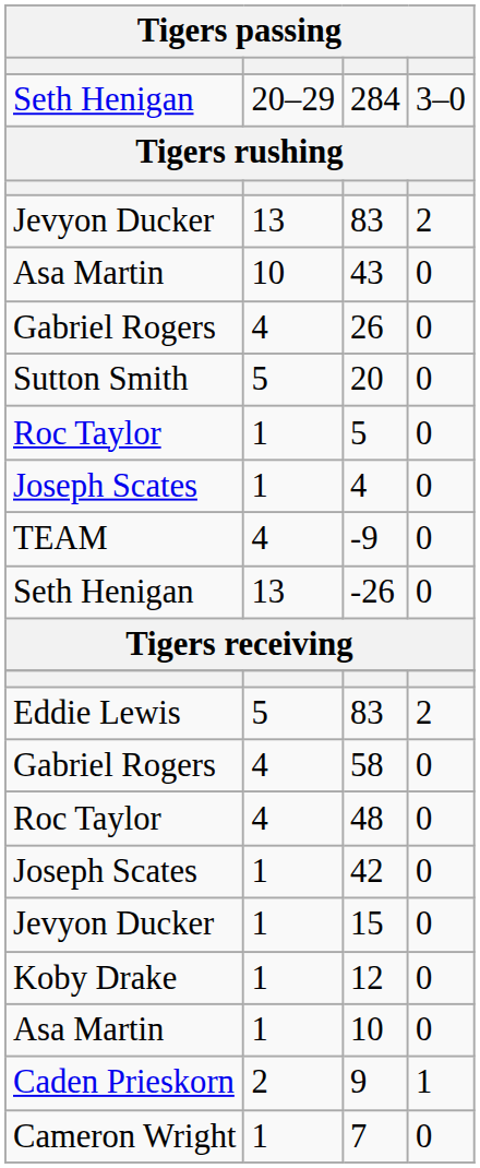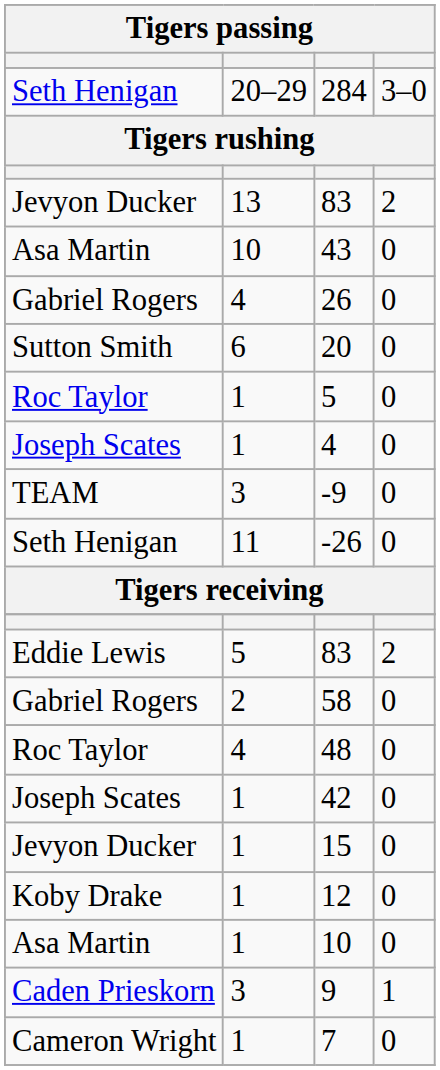 <table class="wikitable plainrowheaders">
 <tr>
 <th colspan="6">Tigers passing</th>
 </tr>
 <tr>
 <th scope="col"></th>
 <th scope="col"></th>
 <th scope="col"></th>
 <th scope="col"></th>
 </tr>
 <tr>
 <td><a href='#'>Seth Henigan</a></td>
 <td>20–29</td>
 <td>284</td>
 <td>3–0</td>
 </tr>
 <tr>
 <th colspan="6">Tigers rushing</th>
 </tr>
 <tr>
 <th scope="col"></th>
 <th scope="col"></th>
 <th scope="col"></th>
 <th scope="col"></th>
 </tr>
 <tr>
 <td>Jevyon Ducker</td>
 <td>13</td>
 <td>83</td>
 <td>2</td>
 </tr>
 <tr>
 <td>Asa Martin</td>
 <td>10</td>
 <td>43</td>
 <td>0</td>
 </tr>
 <tr>
 <td>Gabriel Rogers</td>
 <td>4</td>
 <td>26</td>
 <td>0</td>
 </tr>
 <tr>
 <td>Sutton Smith</td>
-<td>5</td>
+<td>6</td>
 <td>20</td>
 <td>0</td>
 </tr>
 <tr>
 <td><a href='#'>Roc Taylor</a></td>
 <td>1</td>
 <td>5</td>
 <td>0</td>
 </tr>
 <tr>
 <td><a href='#'>Joseph Scates</a></td>
 <td>1</td>
 <td>4</td>
 <td>0</td>
 </tr>
 <tr>
 <td>TEAM</td>
-<td>4</td>
+<td>3</td>
 <td>-9</td>
 <td>0</td>
 </tr>
 <tr>
 <td>Seth Henigan</td>
-<td>13</td>
+<td>11</td>
 <td>-26</td>
 <td>0</td>
 </tr>
 <tr>
 <th colspan="6">Tigers receiving</th>
 </tr>
 <tr>
 </tr>
 <tr>
 <th scope="col"></th>
 <th scope="col"></th>
 <th scope="col"></th>
 <th scope="col"></th>
 </tr>
 <tr>
 <td>Eddie Lewis</td>
 <td>5</td>
 <td>83</td>
 <td>2</td>
 </tr>
 <tr>
 <td>Gabriel Rogers</td>
-<td>4</td>
+<td>2</td>
 <td>58</td>
 <td>0</td>
 </tr>
 <tr>
 <td>Roc Taylor</td>
 <td>4</td>
 <td>48</td>
 <td>0</td>
 </tr>
 <tr>
 <td>Joseph Scates</td>
 <td>1</td>
 <td>42</td>
 <td>0</td>
 </tr>
 <tr>
 <td>Jevyon Ducker</td>
 <td>1</td>
 <td>15</td>
 <td>0</td>
 </tr>
 <tr>
 <td>Koby Drake</td>
 <td>1</td>
 <td>12</td>
 <td>0</td>
 </tr>
 <tr>
 <td>Asa Martin</td>
 <td>1</td>
 <td>10</td>
 <td>0</td>
 </tr>
 <tr>
 <td><a href='#'>Caden Prieskorn</a></td>
-<td>2</td>
+<td>3</td>
 <td>9</td>
 <td>1</td>
 </tr>
 <tr>
 <td>Cameron Wright</td>
 <td>1</td>
 <td>7</td>
 <td>0</td>
 </tr>
 </table>
